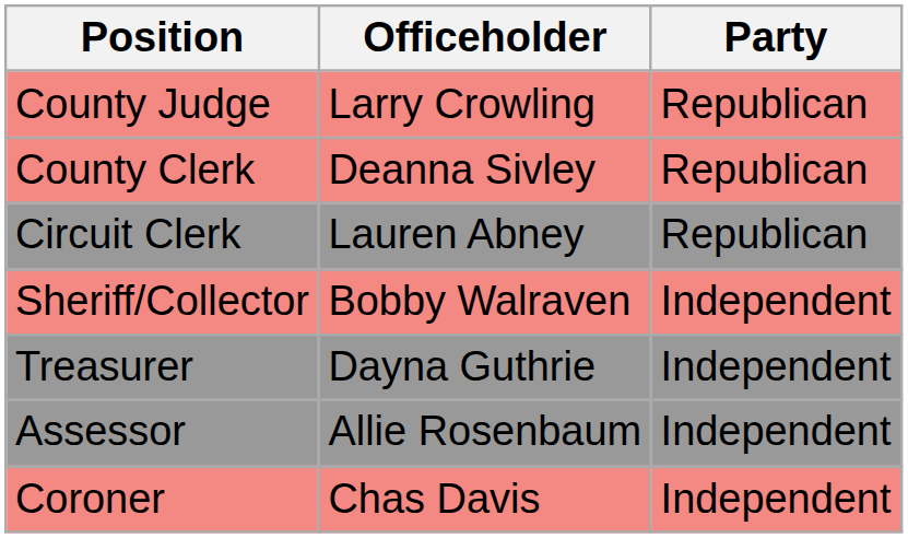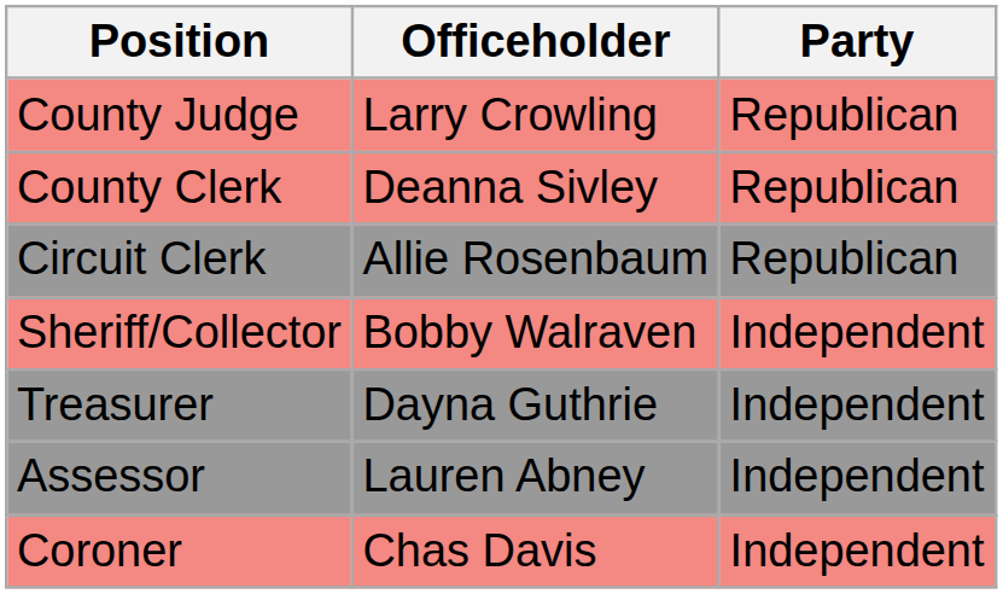 <table class="wikitable mw-collapsible">
 <tr>
 <th>Position</th>
 <th>Officeholder</th>
 <th>Party</th>
 </tr>
 <tr style="background-color:#F48882;">
 <td>County Judge</td>
 <td>Larry Crowling</td>
 <td>Republican</td>
 </tr>
 <tr style="background-color:#F48882;">
 <td>County Clerk</td>
 <td>Deanna Sivley</td>
 <td>Republican</td>
 </tr>
 <tr style="background-color:#999999;">
 <td>Circuit Clerk</td>
-<td>Lauren Abney</td>
+<td>Allie Rosenbaum</td>
 <td>Republican</td>
 </tr>
 <tr style="background-color:#F48882;">
 <td>Sheriff/Collector</td>
 <td>Bobby Walraven</td>
 <td>Independent</td>
 </tr>
 <tr style="background-color:#999999;">
 <td>Treasurer</td>
 <td>Dayna Guthrie</td>
 <td>Independent</td>
 </tr>
 <tr style="background-color:#999999;">
 <td>Assessor</td>
-<td>Allie Rosenbaum</td>
+<td>Lauren Abney</td>
 <td>Independent</td>
 </tr>
 <tr style="background-color:#F48882;">
 <td>Coroner</td>
 <td>Chas Davis</td>
 <td>Independent</td>
 </tr>
 </table>
